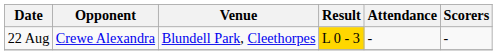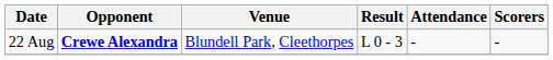 <table class="wikitable">
 <tr>
 <th>Date</th>
 <th>Opponent</th>
 <th>Venue</th>
 <th>Result</th>
 <th>Attendance</th>
 <th>Scorers</th>
 </tr>
 <tr>
 <td>22 Aug</td>
-<td><a href='#'>Crewe Alexandra</a><br></td>
+<td><strong><a href='#'>Crewe Alexandra</a><br></strong></td>
 <td><a href='#'>Blundell Park</a>, <a href='#'>Cleethorpes</a></td>
-<td style="background: gold;">L 0 - 3</td>
+<td>L 0 - 3</td>
 <td>-</td>
 <td>-</td>
 </tr>
 <tr>
 </tr>
 </table>
